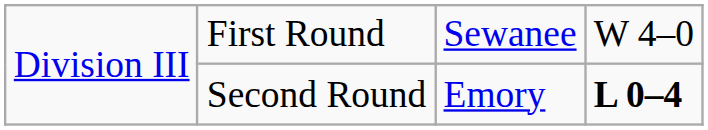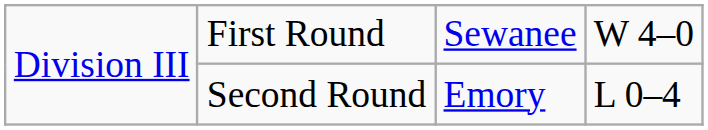 <table class="wikitable">
 <tr>
 <td rowspan="5"><a href='#'>Division III</a></td>
 <td>First Round</td>
 <td><a href='#'>Sewanee</a></td>
 <td>W 4–0</td>
 </tr>
 <tr>
 <td>Second Round</td>
 <td><a href='#'>Emory</a></td>
-<td><strong>L 0–4</strong></td>
+<td>L 0–4</td>
 </tr>
 </table>
